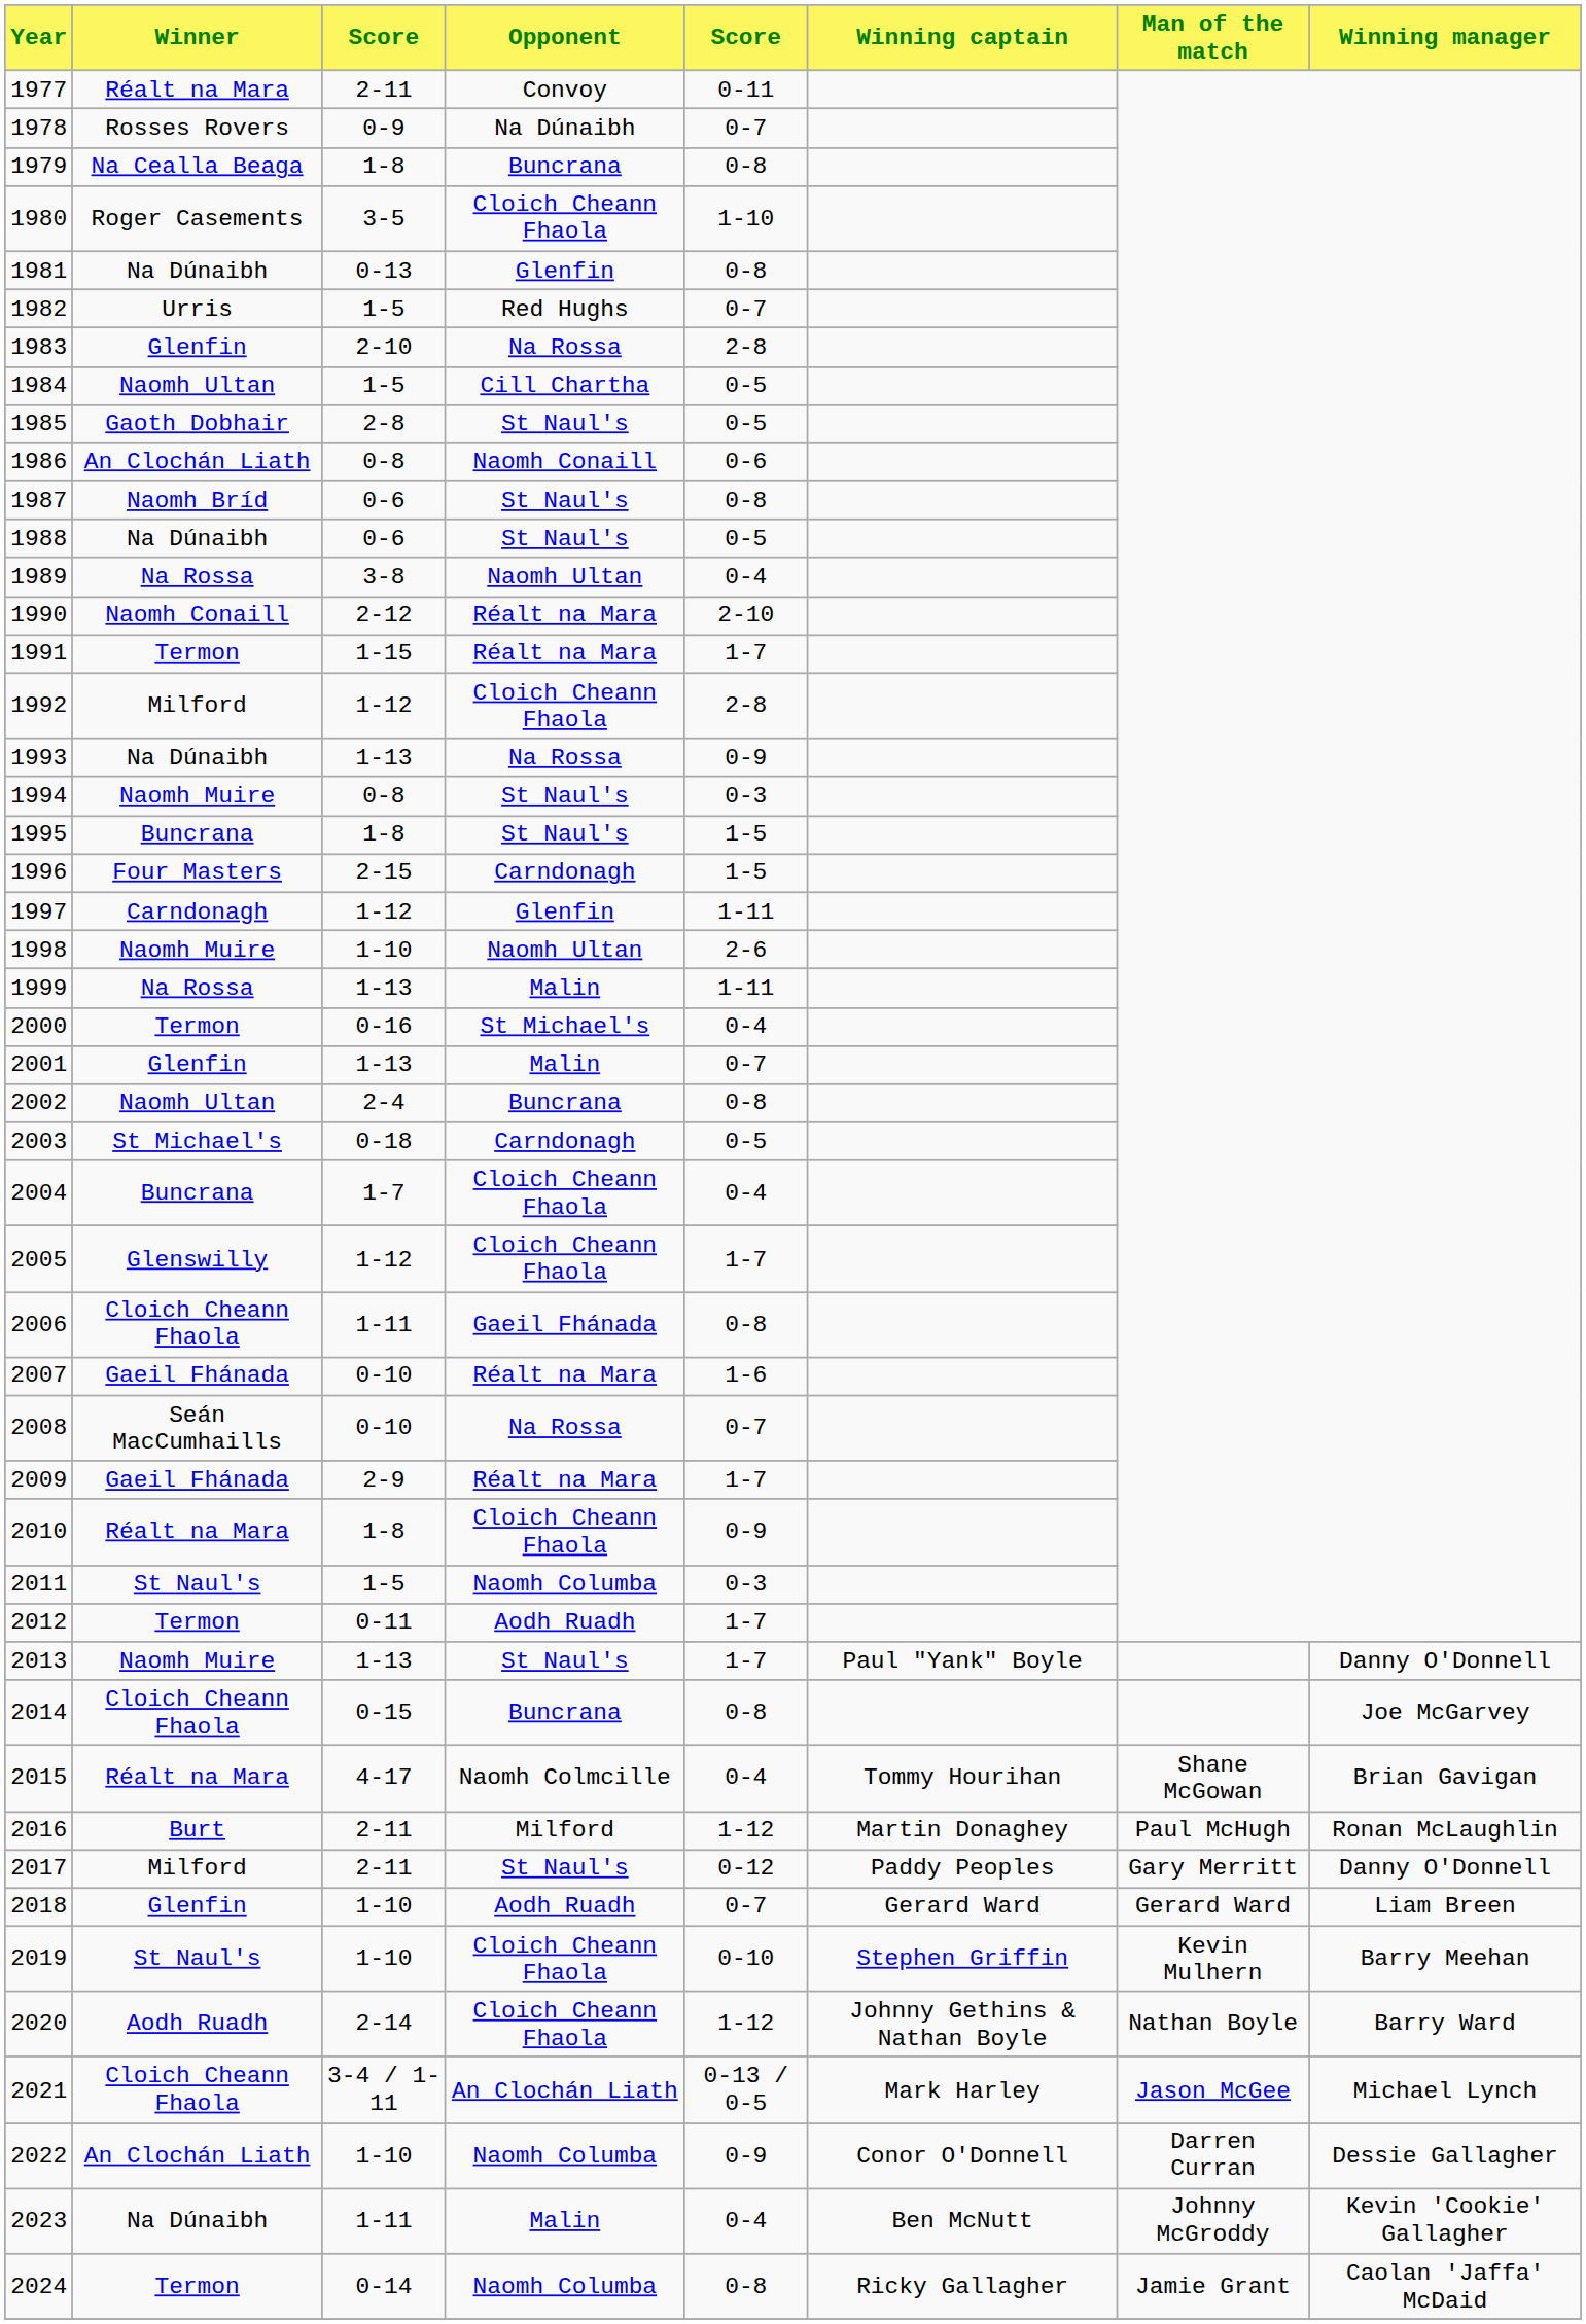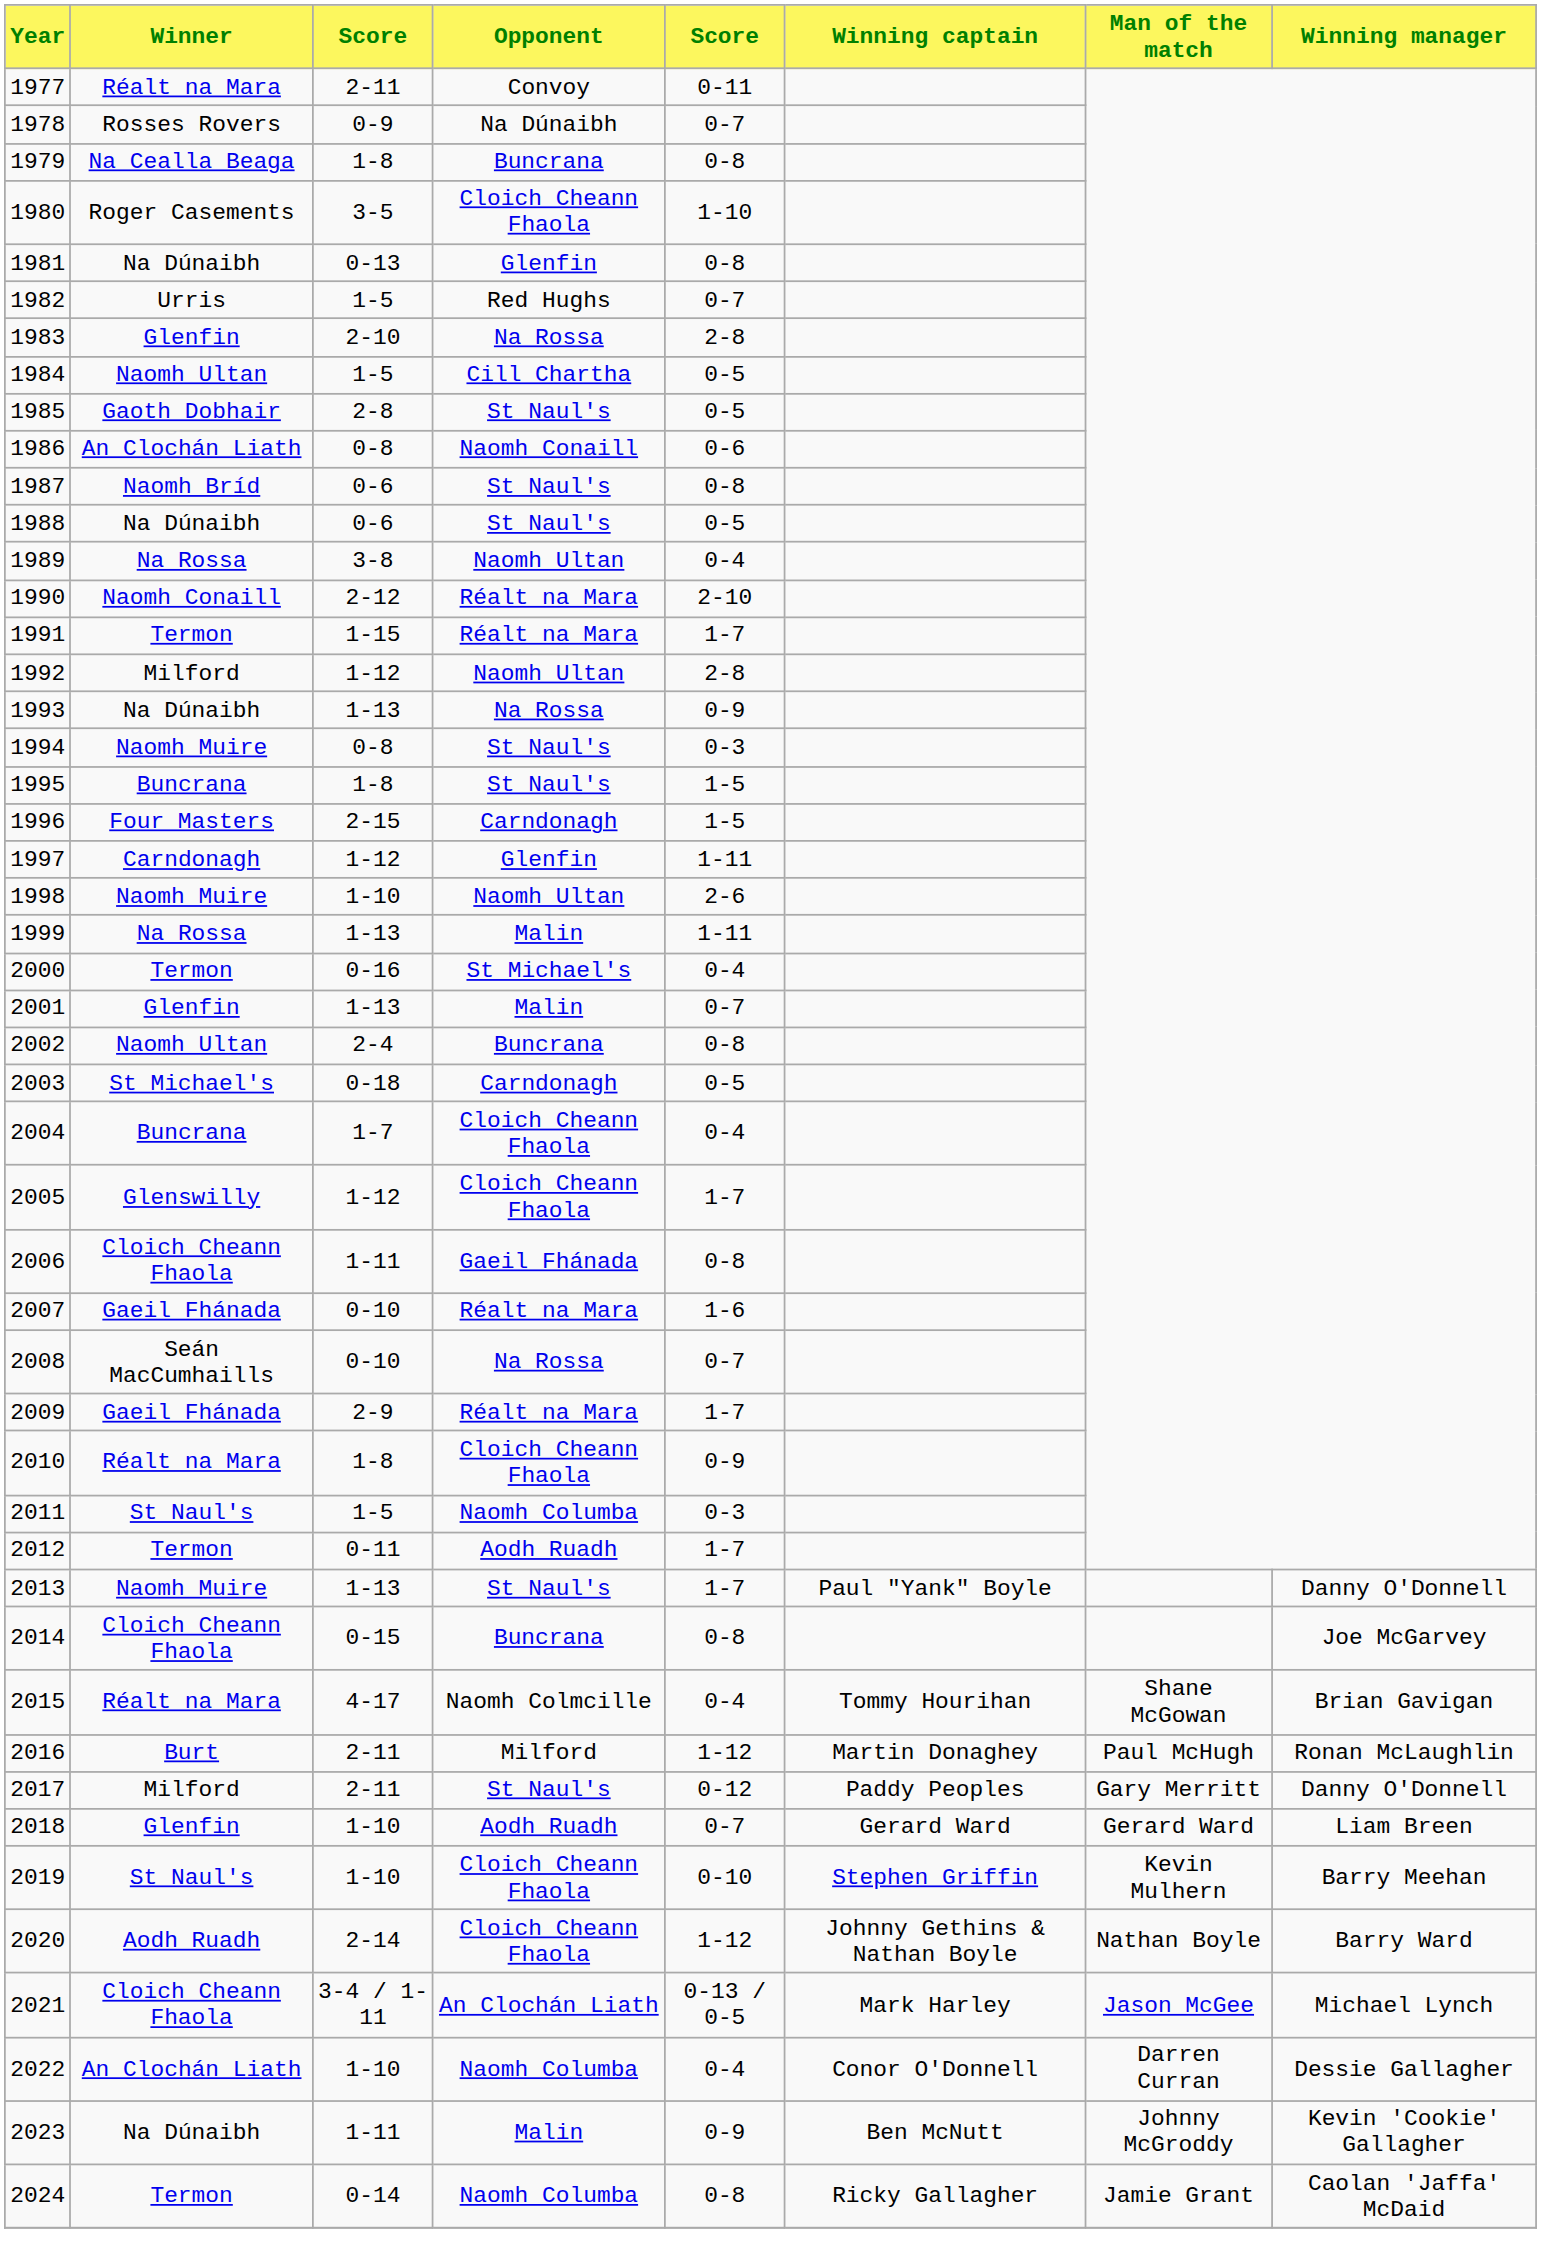 <table class="wikitable" style="text-align:center;">
 <tr>
 <th style="background:#FCF75E;color:green;">Year</th>
 <th style="background:#FCF75E;color:green;">Winner</th>
 <th style="background:#FCF75E;color:green;">Score</th>
 <th style="background:#FCF75E;color:green;">Opponent</th>
 <th style="background:#FCF75E;color:green;">Score</th>
 <th style="background:#FCF75E;color:green;">Winning captain</th>
 <th style="background:#FCF75E;color:green;">Man of the match</th>
 <th style="background:#FCF75E;color:green;">Winning manager</th>
 </tr>
 <tr>
 <td>1977</td>
 <td><a href='#'>Réalt na Mara</a></td>
 <td>2-11</td>
 <td>Convoy</td>
 <td>0-11</td>
 <td></td>
 </tr>
 <tr>
 <td>1978</td>
 <td>Rosses Rovers</td>
 <td>0-9</td>
 <td>Na Dúnaibh</td>
 <td>0-7</td>
 <td></td>
 </tr>
 <tr>
 <td>1979</td>
 <td><a href='#'>Na Cealla Beaga</a></td>
 <td>1-8</td>
 <td><a href='#'>Buncrana</a></td>
 <td>0-8</td>
 <td></td>
 </tr>
 <tr>
 <td>1980</td>
 <td>Roger Casements</td>
 <td>3-5</td>
 <td><a href='#'>Cloich Cheann Fhaola</a></td>
 <td>1-10</td>
 <td></td>
 </tr>
 <tr>
 <td>1981</td>
 <td>Na Dúnaibh</td>
 <td>0-13</td>
 <td><a href='#'>Glenfin</a></td>
 <td>0-8</td>
 <td></td>
 </tr>
 <tr>
 <td>1982</td>
 <td>Urris</td>
 <td>1-5</td>
 <td>Red Hughs</td>
 <td>0-7</td>
 <td></td>
 </tr>
 <tr>
 <td>1983</td>
 <td><a href='#'>Glenfin</a></td>
 <td>2-10</td>
 <td><a href='#'>Na Rossa</a></td>
 <td>2-8</td>
 <td></td>
 </tr>
 <tr>
 <td>1984</td>
 <td><a href='#'>Naomh Ultan</a></td>
 <td>1-5</td>
 <td><a href='#'>Cill Chartha</a></td>
 <td>0-5</td>
 <td></td>
 </tr>
 <tr>
 <td>1985</td>
 <td><a href='#'>Gaoth Dobhair</a></td>
 <td>2-8</td>
 <td><a href='#'>St Naul's</a></td>
 <td>0-5</td>
 <td></td>
 </tr>
 <tr>
 <td>1986</td>
 <td><a href='#'>An Clochán Liath</a></td>
 <td>0-8</td>
 <td><a href='#'>Naomh Conaill</a></td>
 <td>0-6</td>
 <td></td>
 </tr>
 <tr>
 <td>1987</td>
 <td><a href='#'>Naomh Bríd</a></td>
 <td>0-6</td>
 <td><a href='#'>St Naul's</a></td>
 <td>0-8</td>
 <td></td>
 </tr>
 <tr>
 <td>1988</td>
 <td>Na Dúnaibh</td>
 <td>0-6</td>
 <td><a href='#'>St Naul's</a></td>
 <td>0-5</td>
 <td></td>
 </tr>
 <tr>
 <td>1989</td>
 <td><a href='#'>Na Rossa</a></td>
 <td>3-8</td>
 <td><a href='#'>Naomh Ultan</a></td>
 <td>0-4</td>
 <td></td>
 </tr>
 <tr>
 <td>1990</td>
 <td><a href='#'>Naomh Conaill</a></td>
 <td>2-12</td>
 <td><a href='#'>Réalt na Mara</a></td>
 <td>2-10</td>
 <td></td>
 </tr>
 <tr>
 <td>1991</td>
 <td><a href='#'>Termon</a></td>
 <td>1-15</td>
 <td><a href='#'>Réalt na Mara</a></td>
 <td>1-7</td>
 <td></td>
 </tr>
 <tr>
 <td>1992</td>
 <td>Milford</td>
 <td>1-12</td>
-<td><a href='#'>Cloich Cheann Fhaola</a></td>
+<td><a href='#'>Naomh Ultan</a></td>
 <td>2-8</td>
 <td></td>
 </tr>
 <tr>
 <td>1993</td>
 <td>Na Dúnaibh</td>
 <td>1-13</td>
 <td><a href='#'>Na Rossa</a></td>
 <td>0-9</td>
 <td></td>
 </tr>
 <tr>
 <td>1994</td>
 <td><a href='#'>Naomh Muire</a></td>
 <td>0-8</td>
 <td><a href='#'>St Naul's</a></td>
 <td>0-3</td>
 <td></td>
 </tr>
 <tr>
 <td>1995</td>
 <td><a href='#'>Buncrana</a></td>
 <td>1-8</td>
 <td><a href='#'>St Naul's</a></td>
 <td>1-5</td>
 <td></td>
 </tr>
 <tr>
 <td>1996</td>
 <td><a href='#'>Four Masters</a></td>
 <td>2-15</td>
 <td><a href='#'>Carndonagh</a></td>
 <td>1-5</td>
 <td></td>
 </tr>
 <tr>
 <td>1997</td>
 <td><a href='#'>Carndonagh</a></td>
 <td>1-12</td>
 <td><a href='#'>Glenfin</a></td>
 <td>1-11</td>
 <td></td>
 </tr>
 <tr>
 <td>1998</td>
 <td><a href='#'>Naomh Muire</a></td>
 <td>1-10</td>
 <td><a href='#'>Naomh Ultan</a></td>
 <td>2-6</td>
 <td></td>
 </tr>
 <tr>
 <td>1999</td>
 <td><a href='#'>Na Rossa</a></td>
 <td>1-13</td>
 <td><a href='#'>Malin</a></td>
 <td>1-11</td>
 <td></td>
 </tr>
 <tr>
 <td>2000</td>
 <td><a href='#'>Termon</a></td>
 <td>0-16</td>
 <td><a href='#'>St Michael's</a></td>
 <td>0-4</td>
 <td></td>
 </tr>
 <tr>
 <td>2001</td>
 <td><a href='#'>Glenfin</a></td>
 <td>1-13</td>
 <td><a href='#'>Malin</a></td>
 <td>0-7</td>
 <td></td>
 </tr>
 <tr>
 <td>2002</td>
 <td><a href='#'>Naomh Ultan</a></td>
 <td>2-4</td>
 <td><a href='#'>Buncrana</a></td>
 <td>0-8</td>
 <td></td>
 </tr>
 <tr>
 <td>2003</td>
 <td><a href='#'>St Michael's</a></td>
 <td>0-18</td>
 <td><a href='#'>Carndonagh</a></td>
 <td>0-5</td>
 <td></td>
 </tr>
 <tr>
 <td>2004</td>
 <td><a href='#'>Buncrana</a></td>
 <td>1-7</td>
 <td><a href='#'>Cloich Cheann Fhaola</a></td>
 <td>0-4</td>
 <td></td>
 </tr>
 <tr>
 <td>2005</td>
 <td><a href='#'>Glenswilly</a></td>
 <td>1-12</td>
 <td><a href='#'>Cloich Cheann Fhaola</a></td>
 <td>1-7</td>
 <td></td>
 </tr>
 <tr>
 <td>2006</td>
 <td><a href='#'>Cloich Cheann Fhaola</a></td>
 <td>1-11</td>
 <td><a href='#'>Gaeil Fhánada</a></td>
 <td>0-8</td>
 <td></td>
 </tr>
 <tr>
 <td>2007</td>
 <td><a href='#'>Gaeil Fhánada</a></td>
 <td>0-10</td>
 <td><a href='#'>Réalt na Mara</a></td>
 <td>1-6</td>
 <td></td>
 </tr>
 <tr>
 <td>2008</td>
 <td>Seán MacCumhaills</td>
 <td>0-10</td>
 <td><a href='#'>Na Rossa</a></td>
 <td>0-7</td>
 <td></td>
 </tr>
 <tr>
 <td>2009</td>
 <td><a href='#'>Gaeil Fhánada</a></td>
 <td>2-9</td>
 <td><a href='#'>Réalt na Mara</a></td>
 <td>1-7</td>
 <td></td>
 </tr>
 <tr>
 <td>2010</td>
 <td><a href='#'>Réalt na Mara</a></td>
 <td>1-8</td>
 <td><a href='#'>Cloich Cheann Fhaola</a></td>
 <td>0-9</td>
 <td></td>
 </tr>
 <tr>
 <td>2011</td>
 <td><a href='#'>St Naul's</a></td>
 <td>1-5</td>
 <td><a href='#'>Naomh Columba</a></td>
 <td>0-3</td>
 <td></td>
 </tr>
 <tr>
 <td>2012</td>
 <td><a href='#'>Termon</a></td>
 <td>0-11</td>
 <td><a href='#'>Aodh Ruadh</a></td>
 <td>1-7</td>
 <td></td>
 </tr>
 <tr>
 <td>2013</td>
 <td><a href='#'>Naomh Muire</a></td>
 <td>1-13</td>
 <td><a href='#'>St Naul's</a></td>
 <td>1-7</td>
 <td>Paul "Yank" Boyle</td>
 <td></td>
 <td>Danny O'Donnell</td>
 </tr>
 <tr>
 <td>2014</td>
 <td><a href='#'>Cloich Cheann Fhaola</a></td>
 <td>0-15</td>
 <td><a href='#'>Buncrana</a></td>
 <td>0-8</td>
 <td></td>
 <td></td>
 <td>Joe McGarvey</td>
 </tr>
 <tr>
 <td>2015</td>
 <td><a href='#'>Réalt na Mara</a></td>
 <td>4-17</td>
 <td>Naomh Colmcille</td>
 <td>0-4</td>
 <td>Tommy Hourihan</td>
 <td>Shane McGowan<br></td>
 <td>Brian Gavigan</td>
 </tr>
 <tr>
 <td>2016</td>
 <td><a href='#'>Burt</a></td>
 <td>2-11</td>
 <td>Milford</td>
 <td>1-12</td>
 <td>Martin Donaghey</td>
 <td>Paul McHugh</td>
 <td>Ronan McLaughlin</td>
 </tr>
 <tr>
 <td>2017</td>
 <td>Milford</td>
 <td>2-11</td>
 <td><a href='#'>St Naul's</a></td>
 <td>0-12</td>
 <td>Paddy Peoples</td>
 <td>Gary Merritt</td>
 <td>Danny O'Donnell</td>
 </tr>
 <tr>
 <td>2018</td>
 <td><a href='#'>Glenfin</a></td>
 <td>1-10</td>
 <td><a href='#'>Aodh Ruadh</a></td>
 <td>0-7</td>
 <td>Gerard Ward</td>
 <td>Gerard Ward</td>
 <td>Liam Breen</td>
 </tr>
 <tr>
 <td>2019</td>
 <td><a href='#'>St Naul's</a></td>
 <td>1-10</td>
 <td><a href='#'>Cloich Cheann Fhaola</a></td>
 <td>0-10</td>
 <td><a href='#'>Stephen Griffin</a></td>
 <td>Kevin Mulhern</td>
 <td>Barry Meehan</td>
 </tr>
 <tr>
 <td>2020</td>
 <td><a href='#'>Aodh Ruadh</a></td>
 <td>2-14</td>
 <td><a href='#'>Cloich Cheann Fhaola</a></td>
 <td>1-12</td>
 <td>Johnny Gethins & Nathan Boyle</td>
 <td>Nathan Boyle</td>
 <td>Barry Ward</td>
 </tr>
 <tr>
 <td>2021</td>
 <td><a href='#'>Cloich Cheann Fhaola</a></td>
 <td>3-4 / 1-11</td>
 <td><a href='#'>An Clochán Liath</a></td>
 <td>0-13 / 0-5</td>
 <td>Mark Harley</td>
 <td><a href='#'>Jason McGee</a></td>
 <td>Michael Lynch</td>
 </tr>
 <tr>
 <td>2022</td>
 <td><a href='#'>An Clochán Liath</a></td>
 <td>1-10</td>
 <td><a href='#'>Naomh Columba</a></td>
-<td>0-9</td>
+<td>0-4</td>
 <td>Conor O'Donnell</td>
 <td>Darren Curran</td>
 <td>Dessie Gallagher</td>
 </tr>
 <tr>
 <td>2023</td>
 <td>Na Dúnaibh</td>
 <td>1-11</td>
 <td><a href='#'>Malin</a></td>
-<td>0-4</td>
+<td>0-9</td>
 <td>Ben McNutt</td>
 <td>Johnny McGroddy</td>
 <td>Kevin 'Cookie' Gallagher</td>
 </tr>
 <tr>
 <td>2024</td>
 <td><a href='#'>Termon</a></td>
 <td>0-14</td>
 <td><a href='#'>Naomh Columba</a></td>
 <td>0-8</td>
 <td>Ricky Gallagher</td>
 <td>Jamie Grant</td>
 <td>Caolan 'Jaffa' McDaid</td>
 </tr>
 <tr>
 </tr>
 </table>
